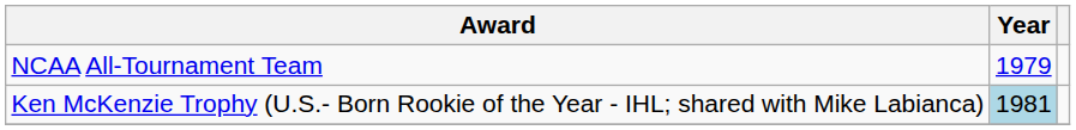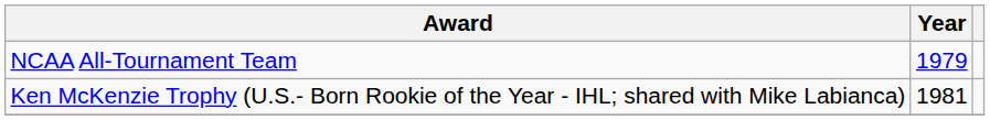 <table class="wikitable">
 <tr>
 <th>Award</th>
 <th>Year</th>
 <th></th>
 </tr>
 <tr>
 <td><a href='#'>NCAA</a> <a href='#'>All-Tournament Team</a></td>
 <td><a href='#'>1979</a></td>
 <td></td>
 </tr>
 <tr>
 <td><a href='#'>Ken McKenzie Trophy</a> (U.S.- Born Rookie of the Year - IHL; shared with Mike Labianca)</td>
-<td style="background: lightblue;">1981</td>
+<td>1981</td>
 <td></td>
 </tr>
 <tr>
 </tr>
 </table>
